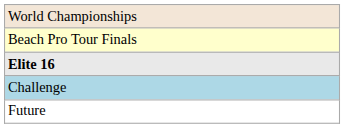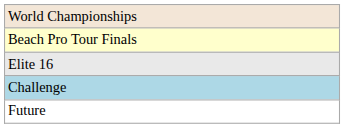 <table class=wikitable style=font-size:85%;width:20%>
 <tr bgcolor=#F3E6D7>
 <td>World Championships</td>
 </tr>
 <tr bgcolor=#ffffcc>
 <td>Beach Pro Tour Finals</td>
 </tr>
 <tr bgcolor=#E9E9E9>
-<td><strong>Elite 16</strong></td>
+<td>Elite 16</td>
 </tr>
 <tr bgcolor=#ADD8E6>
 <td>Challenge</td>
 </tr>
 <tr bgcolor=#ffffff>
 <td>Future</td>
 </tr>
 </table>
